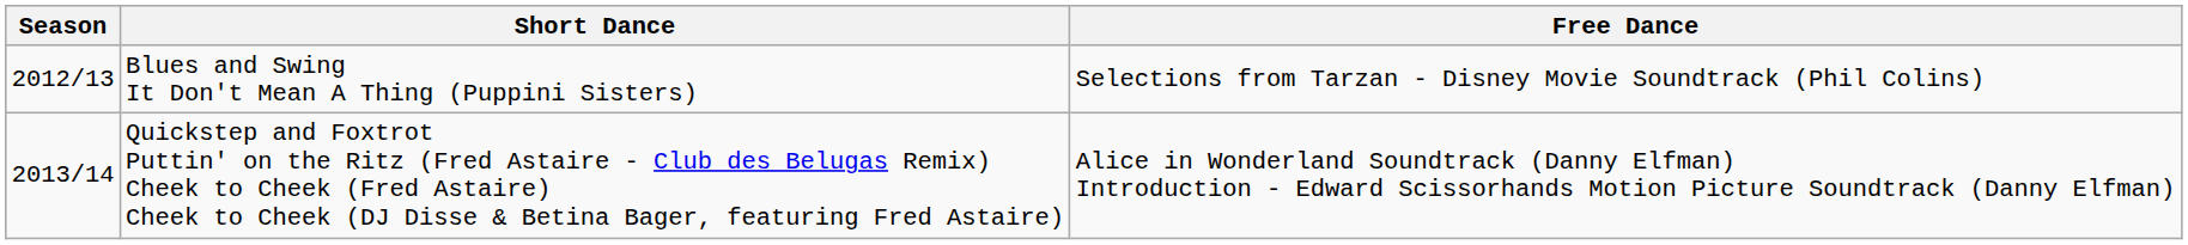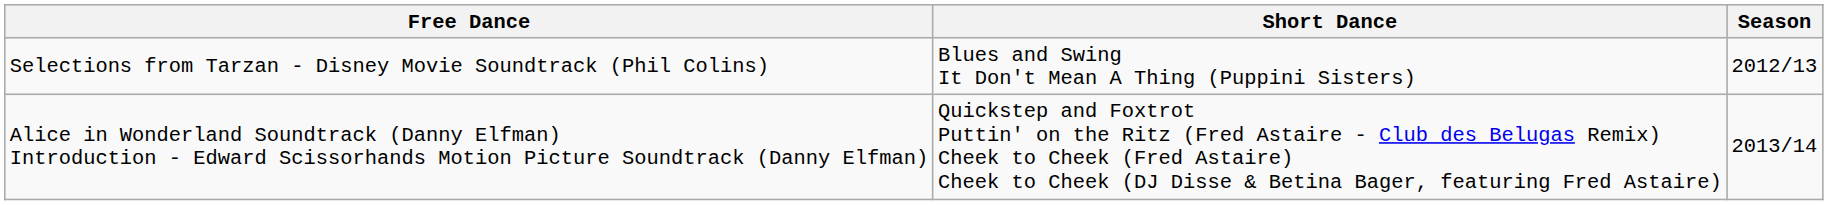 <table class="wikitable">
 <tr>
+<th>Free Dance</th>
+<th>Short Dance</th>
 <th>Season</th>
-<th>Short Dance</th>
-<th>Free Dance</th>
 </tr>
 <tr>
+<td>Selections from Tarzan - Disney Movie Soundtrack (Phil Colins)</td>
+<td>Blues and Swing<br>It Don't Mean A Thing (Puppini Sisters)</td>
 <td>2012/13</td>
-<td>Blues and Swing<br>It Don't Mean A Thing (Puppini Sisters)</td>
-<td>Selections from Tarzan - Disney Movie Soundtrack (Phil Colins)</td>
 </tr>
 <tr>
+<td>Alice in Wonderland Soundtrack (Danny Elfman)<br>Introduction - Edward Scissorhands Motion Picture Soundtrack (Danny Elfman)</td>
+<td>Quickstep and Foxtrot<br>Puttin' on the Ritz (Fred Astaire - <a href='#'>Club des Belugas</a> Remix)<br>Cheek to Cheek (Fred Astaire)<br>Cheek to Cheek (DJ Disse & Betina Bager, featuring Fred Astaire)</td>
 <td>2013/14</td>
-<td>Quickstep and Foxtrot<br>Puttin' on the Ritz (Fred Astaire - <a href='#'>Club des Belugas</a> Remix)<br>Cheek to Cheek (Fred Astaire)<br>Cheek to Cheek (DJ Disse & Betina Bager, featuring Fred Astaire)</td>
-<td>Alice in Wonderland Soundtrack (Danny Elfman)<br>Introduction - Edward Scissorhands Motion Picture Soundtrack (Danny Elfman)</td>
 </tr>
 </table>
